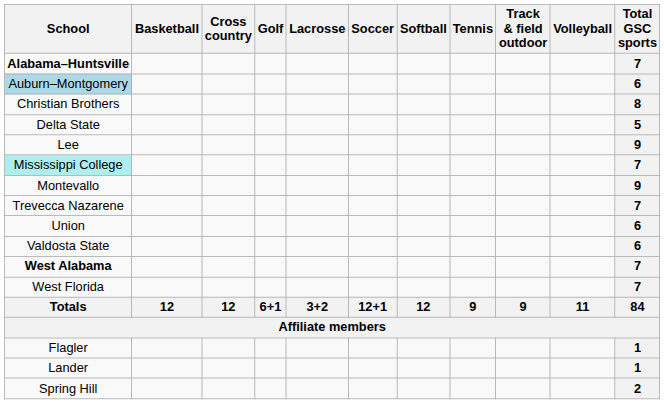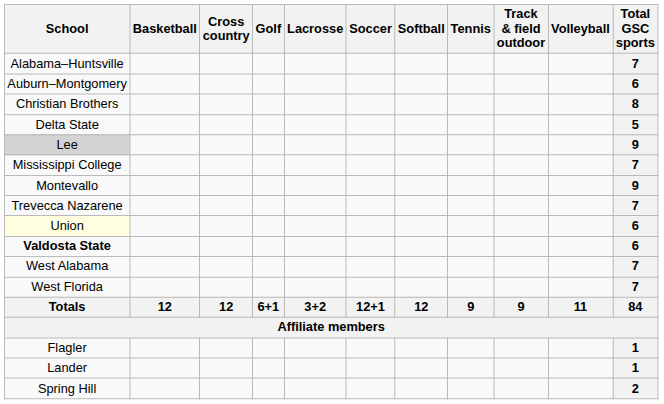 <table class="wikitable" style="text-align:center">
 <tr>
 <th>School</th>
 <th>Basketball</th>
 <th>Cross<br>country</th>
 <th>Golf</th>
 <th>Lacrosse</th>
 <th>Soccer</th>
 <th>Softball</th>
 <th>Tennis</th>
 <th>Track<br>& field<br>outdoor</th>
 <th>Volleyball</th>
 <th>Total<br>GSC<br>sports</th>
 </tr>
 <tr>
-<td><strong>Alabama–Huntsville</strong></td>
+<td>Alabama–Huntsville</td>
 <td></td>
 <td></td>
 <td></td>
 <td></td>
 <td></td>
 <td></td>
 <td></td>
 <td></td>
 <td></td>
 <th>7</th>
 </tr>
 <tr>
-<td style="background: lightblue;">Auburn–Montgomery</td>
+<td>Auburn–Montgomery</td>
 <td></td>
 <td></td>
 <td></td>
 <td></td>
 <td></td>
 <td></td>
 <td></td>
 <td></td>
 <td></td>
 <th>6</th>
 </tr>
 <tr>
 <td>Christian Brothers</td>
 <td></td>
 <td></td>
 <td></td>
 <td></td>
 <td></td>
 <td></td>
 <td></td>
 <td></td>
 <td></td>
 <th>8</th>
 </tr>
 <tr>
 <td>Delta State</td>
 <td></td>
 <td></td>
 <td></td>
 <td></td>
 <td></td>
 <td></td>
 <td></td>
 <td></td>
 <td></td>
 <th>5</th>
 </tr>
 <tr>
-<td>Lee</td>
+<td style="background: lightgrey;">Lee</td>
 <td></td>
 <td></td>
 <td></td>
 <td></td>
 <td></td>
 <td></td>
 <td></td>
 <td></td>
 <td></td>
 <th>9</th>
 </tr>
 <tr>
-<td style="background: paleturquoise;">Mississippi College</td>
+<td>Mississippi College</td>
 <td></td>
 <td></td>
 <td></td>
 <td></td>
 <td></td>
 <td></td>
 <td></td>
 <td></td>
 <td></td>
 <th>7</th>
 </tr>
 <tr>
 <td>Montevallo</td>
 <td></td>
 <td></td>
 <td></td>
 <td></td>
 <td></td>
 <td></td>
 <td></td>
 <td></td>
 <td></td>
 <th>9</th>
 </tr>
 <tr>
 <td>Trevecca Nazarene</td>
 <td></td>
 <td></td>
 <td></td>
 <td></td>
 <td></td>
 <td></td>
 <td></td>
 <td></td>
 <td></td>
 <th>7</th>
 </tr>
 <tr>
-<td>Union</td>
+<td style="background: lightyellow;">Union</td>
 <td></td>
 <td></td>
 <td></td>
 <td></td>
 <td></td>
 <td></td>
 <td></td>
 <td></td>
 <td></td>
 <th>6</th>
 </tr>
 <tr>
-<td>Valdosta State</td>
+<td><strong>Valdosta State</strong></td>
 <td></td>
 <td></td>
 <td></td>
 <td></td>
 <td></td>
 <td></td>
 <td></td>
 <td></td>
 <td></td>
 <th>6</th>
 </tr>
 <tr>
-<td><strong>West Alabama</strong></td>
+<td>West Alabama</td>
 <td></td>
 <td></td>
 <td></td>
 <td></td>
 <td></td>
 <td></td>
 <td></td>
 <td></td>
 <td></td>
 <th>7</th>
 </tr>
 <tr>
 <td>West Florida</td>
 <td></td>
 <td></td>
 <td></td>
 <td></td>
 <td></td>
 <td></td>
 <td></td>
 <td></td>
 <td></td>
 <th>7</th>
 </tr>
 <tr>
 <th>Totals</th>
 <th>12</th>
 <th>12</th>
 <th>6+1</th>
 <th>3+2</th>
 <th>12+1</th>
 <th>12</th>
 <th>9</th>
 <th>9</th>
 <th>11</th>
 <th>84</th>
 </tr>
 <tr>
 <th colspan=11>Affiliate members</th>
 </tr>
 <tr>
 <td>Flagler</td>
 <td></td>
 <td></td>
 <td></td>
 <td></td>
 <td></td>
 <td></td>
 <td></td>
 <td></td>
 <td></td>
 <th>1</th>
 </tr>
 <tr>
 <td>Lander</td>
 <td></td>
 <td></td>
 <td></td>
 <td></td>
 <td></td>
 <td></td>
 <td></td>
 <td></td>
 <td></td>
 <th>1</th>
 </tr>
 <tr>
 <td>Spring Hill</td>
 <td></td>
 <td></td>
 <td></td>
 <td></td>
 <td></td>
 <td></td>
 <td></td>
 <td></td>
 <td></td>
 <th>2</th>
 </tr>
 </table>
